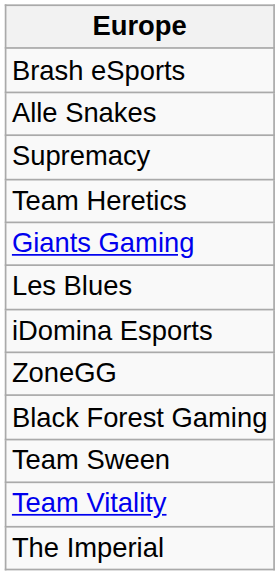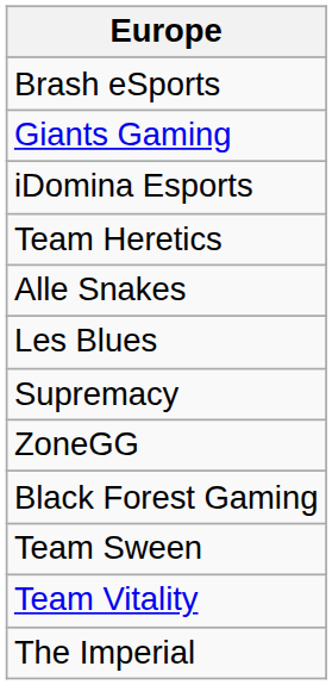 <table class="wikitable" style="display: inline-table; margin-left: 25px;">
 <tr>
 <th>Europe</th>
 </tr>
 <tr>
 <td>Brash eSports</td>
 </tr>
 <tr>
-<td>Alle Snakes</td>
+<td><a href='#'>Giants Gaming</a></td>
 </tr>
 <tr>
-<td>Supremacy</td>
+<td>iDomina Esports</td>
 </tr>
 <tr>
 <td>Team Heretics</td>
 </tr>
 <tr>
-<td><a href='#'>Giants Gaming</a></td>
+<td>Alle Snakes</td>
 </tr>
 <tr>
 <td>Les Blues</td>
 </tr>
 <tr>
-<td>iDomina Esports</td>
+<td>Supremacy</td>
 </tr>
 <tr>
 <td>ZoneGG</td>
 </tr>
 <tr>
 <td>Black Forest Gaming</td>
 </tr>
 <tr>
 <td>Team Sween</td>
 </tr>
 <tr>
 <td><a href='#'>Team Vitality</a></td>
 </tr>
 <tr>
 <td>The Imperial</td>
 </tr>
 </table>
